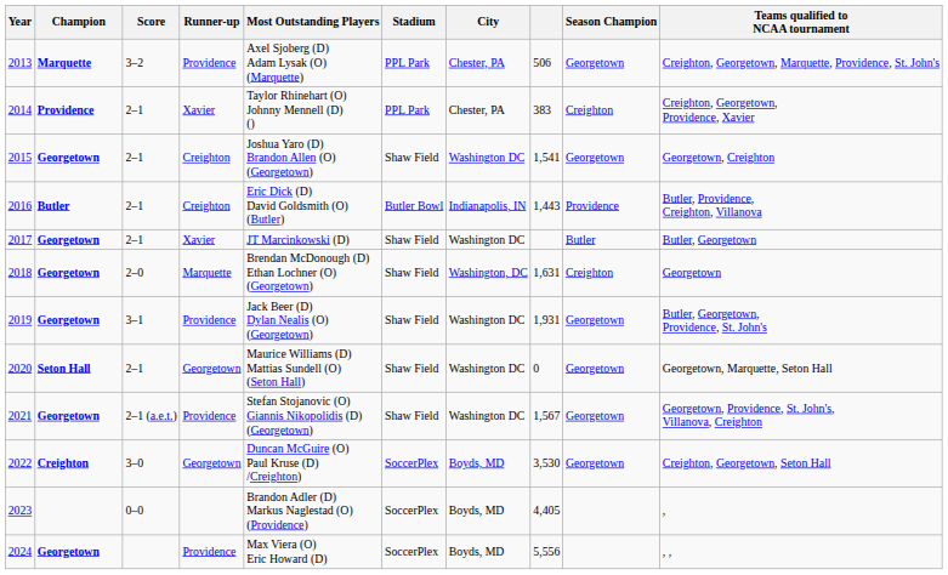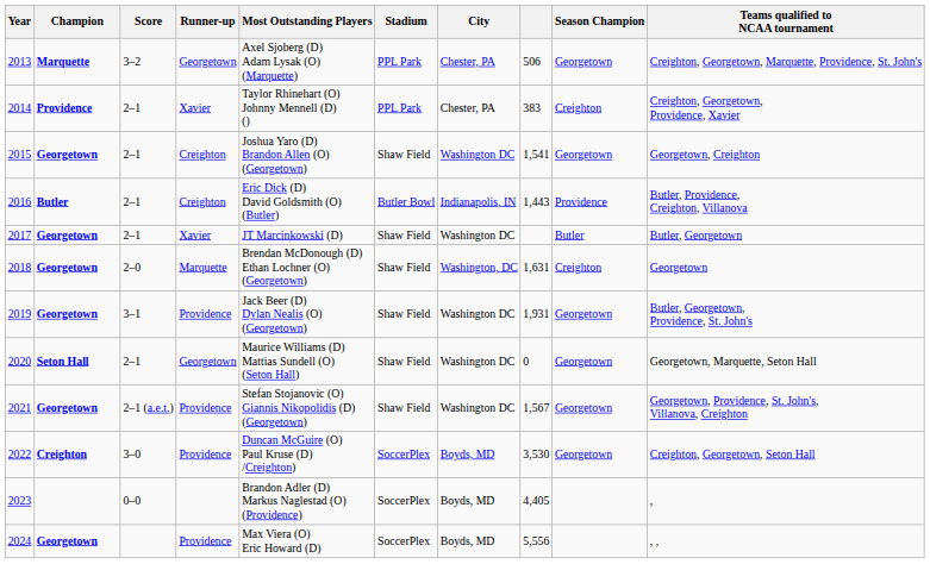 <table class="wikitable sortable" style="text-align:; font-size:90%">
 <tr>
 <th width=px>Year</th>
 <th width=100px>Champion</th>
 <th width=px>Score</th>
 <th width=px>Runner-up</th>
 <th width=px>Most Outstanding Players</th>
 <th width=px>Stadium</th>
 <th width=px>City</th>
 <th width=px></th>
 <th width=px>Season Champion</th>
 <th width=px>Teams qualified to<br>NCAA tournament</th>
 </tr>
 <tr>
 <td><a href='#'>2013</a></td>
 <td><strong><a href='#'>Marquette</a></strong> </td>
 <td>3–2</td>
-<td><a href='#'>Providence</a></td>
+<td><a href='#'>Georgetown</a></td>
 <td>Axel Sjoberg (D)<br>Adam Lysak (O) <br>(<a href='#'>Marquette</a>)</td>
 <td><a href='#'>PPL Park</a></td>
 <td><a href='#'>Chester, PA</a></td>
 <td>506</td>
 <td><a href='#'>Georgetown</a></td>
 <td><a href='#'>Creighton</a>, <a href='#'>Georgetown</a>, <a href='#'>Marquette</a>, <a href='#'>Providence</a>, <a href='#'>St. John's</a></td>
 </tr>
 <tr>
 <td><a href='#'>2014</a></td>
 <td><strong><a href='#'>Providence</a></strong> </td>
 <td>2–1</td>
 <td><a href='#'>Xavier</a></td>
 <td>Taylor Rhinehart (O)<br>Johnny Mennell (D)<br>()</td>
 <td><a href='#'>PPL Park</a></td>
 <td>Chester, PA</td>
 <td>383</td>
 <td><a href='#'>Creighton</a></td>
 <td><a href='#'>Creighton</a>, <a href='#'>Georgetown</a>, <br> <a href='#'>Providence</a>, <a href='#'>Xavier</a></td>
 </tr>
 <tr>
 <td><a href='#'>2015</a></td>
 <td><strong><a href='#'>Georgetown</a></strong> </td>
 <td>2–1</td>
 <td><a href='#'>Creighton</a></td>
 <td>Joshua Yaro (D)<br><a href='#'>Brandon Allen</a> (O) <br>(<a href='#'>Georgetown</a>)</td>
 <td>Shaw Field</td>
 <td><a href='#'>Washington DC</a></td>
 <td>1,541</td>
 <td><a href='#'>Georgetown</a></td>
 <td><a href='#'>Georgetown</a>, <a href='#'>Creighton</a></td>
 </tr>
 <tr>
 <td><a href='#'>2016</a></td>
 <td><strong><a href='#'>Butler</a></strong> </td>
 <td>2–1</td>
 <td><a href='#'>Creighton</a></td>
 <td><a href='#'>Eric Dick</a> (D)<br>David Goldsmith (O)<br> (<a href='#'>Butler</a>)</td>
 <td><a href='#'>Butler Bowl</a></td>
 <td><a href='#'>Indianapolis, IN</a></td>
 <td>1,443</td>
 <td><a href='#'>Providence</a></td>
 <td><a href='#'>Butler</a>, <a href='#'>Providence</a>,<br><a href='#'>Creighton</a>, <a href='#'>Villanova</a></td>
 </tr>
 <tr>
 <td><a href='#'>2017</a></td>
 <td><strong><a href='#'>Georgetown</a></strong> </td>
 <td>2–1</td>
 <td><a href='#'>Xavier</a></td>
 <td><a href='#'>JT Marcinkowski</a> (D)</td>
 <td>Shaw Field</td>
 <td>Washington DC</td>
 <td></td>
 <td><a href='#'>Butler</a></td>
 <td><a href='#'>Butler</a>, <a href='#'>Georgetown</a></td>
 </tr>
 <tr>
 <td><a href='#'>2018</a></td>
 <td><strong><a href='#'>Georgetown</a></strong> </td>
 <td>2–0</td>
 <td><a href='#'>Marquette</a></td>
 <td>Brendan McDonough (D)<br>Ethan Lochner (O)<br>(<a href='#'>Georgetown</a>)</td>
 <td>Shaw Field</td>
 <td><a href='#'>Washington, DC</a></td>
 <td>1,631</td>
 <td><a href='#'>Creighton</a></td>
 <td><a href='#'>Georgetown</a></td>
 </tr>
 <tr>
 <td><a href='#'>2019</a></td>
 <td><strong><a href='#'>Georgetown</a></strong> </td>
 <td>3–1</td>
 <td><a href='#'>Providence</a></td>
 <td>Jack Beer (D)<br><a href='#'>Dylan Nealis</a> (O)<br>(<a href='#'>Georgetown</a>)</td>
 <td>Shaw Field</td>
 <td>Washington DC</td>
 <td>1,931</td>
 <td><a href='#'>Georgetown</a></td>
 <td><a href='#'>Butler</a>, <a href='#'>Georgetown</a>,<br><a href='#'>Providence</a>, <a href='#'>St. John's</a></td>
 </tr>
 <tr>
 <td><a href='#'>2020</a></td>
 <td><strong><a href='#'>Seton Hall</a></strong> </td>
 <td>2–1</td>
 <td><a href='#'>Georgetown</a></td>
 <td>Maurice Williams (D)<br>Mattias Sundell (O)<br>(<a href='#'>Seton Hall</a>)</td>
 <td>Shaw Field</td>
 <td>Washington DC</td>
 <td>0 </td>
 <td><a href='#'>Georgetown</a></td>
 <td>Georgetown, Marquette, Seton Hall</td>
 </tr>
 <tr>
 <td><a href='#'>2021</a></td>
 <td><strong><a href='#'>Georgetown</a></strong> </td>
 <td>2–1 (<a href='#'>a.e.t.</a>)</td>
 <td><a href='#'>Providence</a></td>
 <td>Stefan Stojanovic (O)<br><a href='#'>Giannis Nikopolidis</a> (D)<br>(<a href='#'>Georgetown</a>)</td>
 <td>Shaw Field</td>
 <td>Washington DC</td>
 <td>1,567</td>
 <td><a href='#'>Georgetown</a></td>
 <td><a href='#'>Georgetown</a>, <a href='#'>Providence</a>, <a href='#'>St. John's</a>,<br><a href='#'>Villanova</a>, <a href='#'>Creighton</a></td>
 </tr>
 <tr>
 <td><a href='#'>2022</a></td>
 <td><strong><a href='#'>Creighton</a></strong> </td>
 <td>3–0</td>
-<td><a href='#'>Georgetown</a></td>
+<td><a href='#'>Providence</a></td>
 <td><a href='#'>Duncan McGuire</a> (O)<br>Paul Kruse (D)<br>/<a href='#'>Creighton</a>)</td>
 <td><a href='#'>SoccerPlex</a></td>
 <td><a href='#'>Boyds, MD</a></td>
 <td>3,530</td>
 <td><a href='#'>Georgetown</a></td>
 <td><a href='#'>Creighton</a>, <a href='#'>Georgetown</a>, <a href='#'>Seton Hall</a></td>
 </tr>
 <tr>
 <td><a href='#'>2023</a></td>
 <td><strong></strong> </td>
 <td>0–0 </td>
 <td></td>
 <td>Brandon Adler (D)<br>Markus Naglestad (O) <br>(<a href='#'>Providence</a>)</td>
 <td>SoccerPlex</td>
 <td>Boyds, MD</td>
 <td>4,405</td>
 <td></td>
 <td>, </td>
 </tr>
 <tr>
 <td><a href='#'>2024</a></td>
 <td><strong><a href='#'>Georgetown</a></strong> </td>
 <td></td>
 <td><a href='#'>Providence</a></td>
 <td>Max Viera (O)<br>Eric Howard (D)<br></td>
 <td>SoccerPlex</td>
 <td>Boyds, MD</td>
 <td>5,556</td>
 <td></td>
 <td>, , </td>
 </tr>
 </table>
